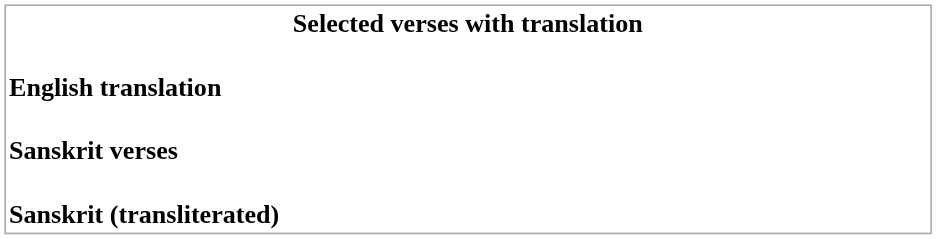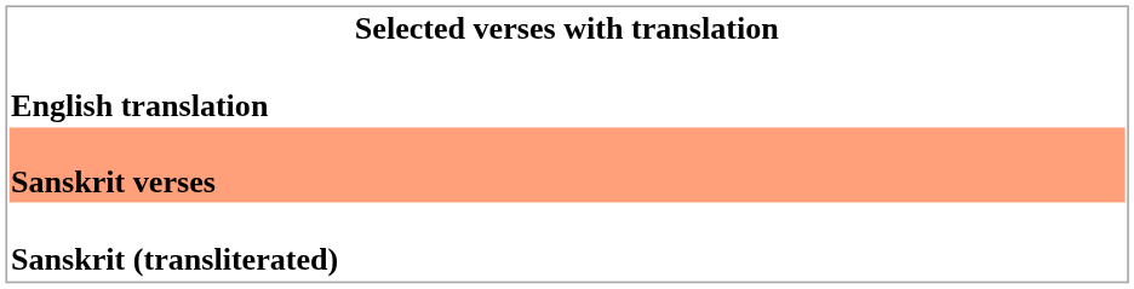 <table style="float: right; width: 45%; border: 1px solid darkgray; margin: .46em; font-size: 100%;" border="0" cellpadding="1" cellspacing="1">
 <tr>
 <td colspan="1" align="center"><strong>Selected verses with translation</strong></td>
 </tr>
 <tr valign="top">
 <td><br><strong>English translation</strong></td>
 </tr>
 <tr valign="top">
-<td><br><strong>Sanskrit verses</strong><br></td>
+<td style="background: lightsalmon;"><br><strong>Sanskrit verses</strong><br></td>
 </tr>
 <tr valign="top">
 <td><br><strong>Sanskrit (transliterated)</strong><br></td>
 </tr>
 </table>
